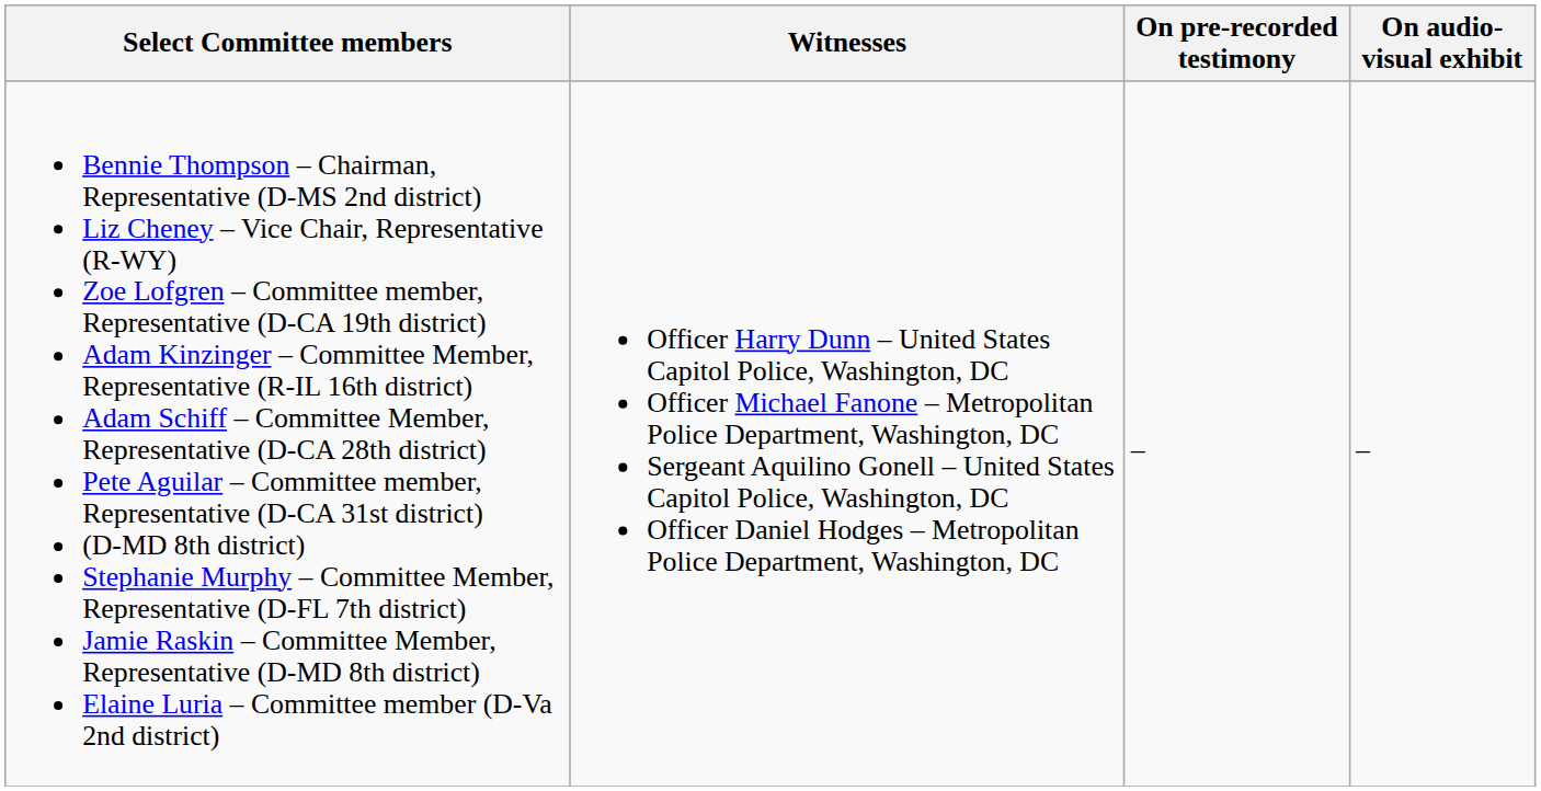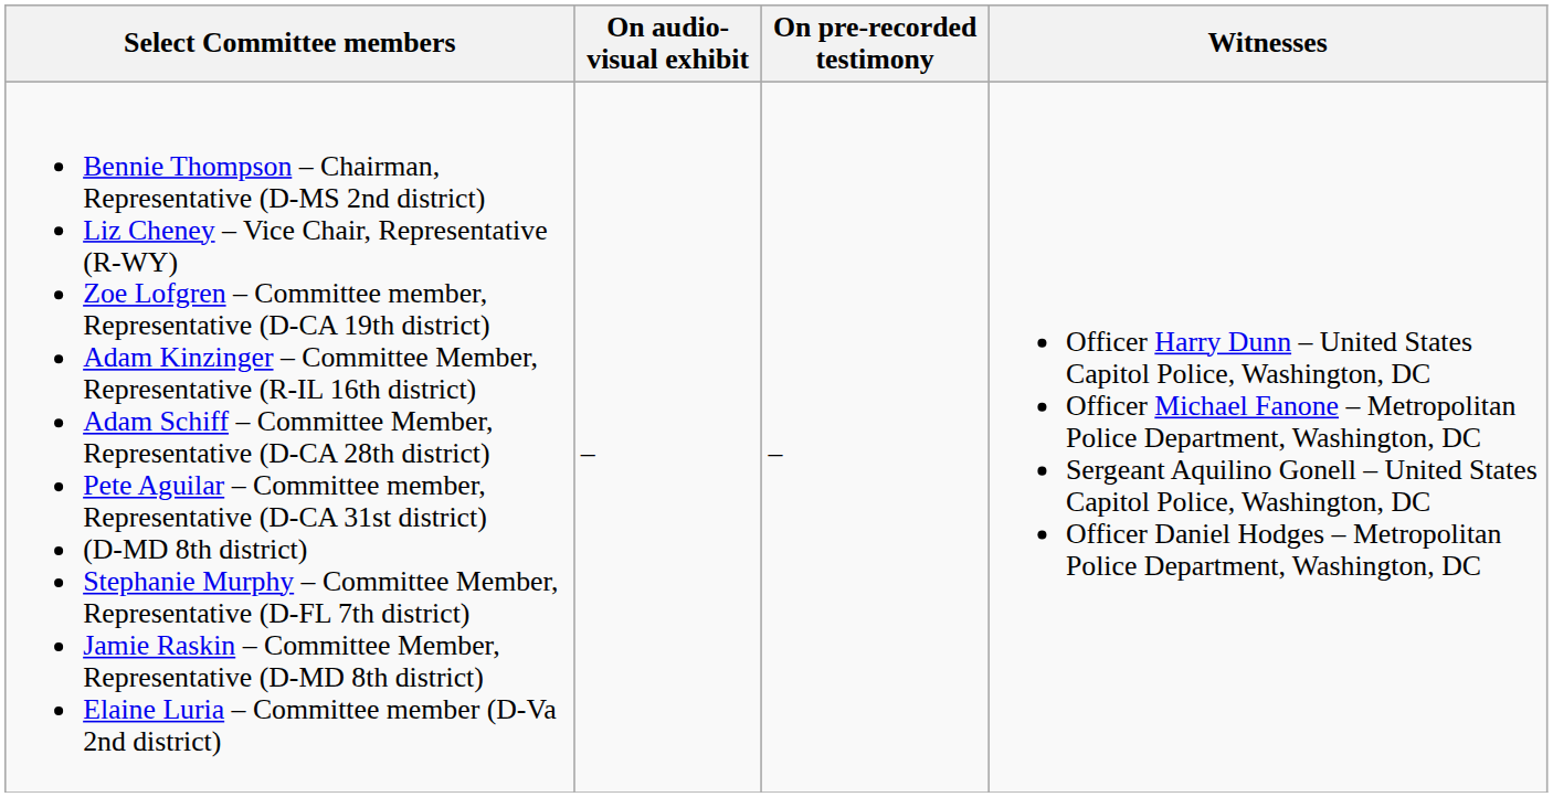 <table class="vertical-align-top wikitable mw-collapsible mw-collapsed">
 <tr>
 <th>Select Committee members</th>
+<th>On audio-visual exhibit</th>
+<th>On pre-recorded testimony</th>
 <th>Witnesses</th>
-<th>On pre-recorded testimony</th>
-<th>On audio-visual exhibit</th>
 </tr>
 <tr>
 <td><br><ul><li><a href='#'>Bennie Thompson</a> – Chairman, Representative (D-MS 2nd district)</li><li><a href='#'>Liz Cheney</a> – Vice Chair, Representative (R-WY)</li><li><a href='#'>Zoe Lofgren</a> – Committee member, Representative (D-CA 19th district)</li><li><a href='#'>Adam Kinzinger</a> – Committee Member, Representative (R-IL 16th district)</li><li><a href='#'>Adam Schiff</a> – Committee Member, Representative (D-CA 28th district)</li><li><a href='#'>Pete Aguilar</a> – Committee member, Representative (D-CA 31st district)</li><li>(D-MD 8th district)</li><li><a href='#'>Stephanie Murphy</a> – Committee Member, Representative (D-FL 7th district)</li><li><a href='#'>Jamie Raskin</a> – Committee Member, Representative (D-MD 8th district)</li><li><a href='#'>Elaine Luria</a> – Committee member (D-Va 2nd district)</li></ul></td>
-<td><br><ul><li>Officer <a href='#'>Harry Dunn</a> – United States Capitol Police, Washington, DC</li><li>Officer <a href='#'>Michael Fanone</a> – Metropolitan Police Department, Washington, DC</li><li>Sergeant Aquilino Gonell – United States Capitol Police, Washington, DC</li><li>Officer Daniel Hodges – Metropolitan Police Department, Washington, DC</li></ul></td>
 <td><br>–</td>
 <td><br>–</td>
+<td><br><ul><li>Officer <a href='#'>Harry Dunn</a> – United States Capitol Police, Washington, DC</li><li>Officer <a href='#'>Michael Fanone</a> – Metropolitan Police Department, Washington, DC</li><li>Sergeant Aquilino Gonell – United States Capitol Police, Washington, DC</li><li>Officer Daniel Hodges – Metropolitan Police Department, Washington, DC</li></ul></td>
 </tr>
 </table>
